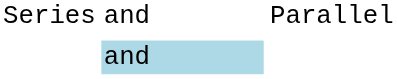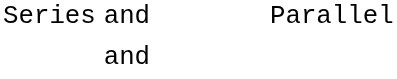 <table style="margin:0.5em auto">
 <tr>
 <td align=center>Series</td>
 <td width="80px">and</td>
 <td align=center>Parallel</td>
 </tr>
 <tr>
 </tr>
 <tr>
 <td align=center></td>
-<td style="background: lightblue;">and</td>
+<td>and</td>
 <td align=center></td>
 </tr>
 <tr>
 </tr>
 </table>
